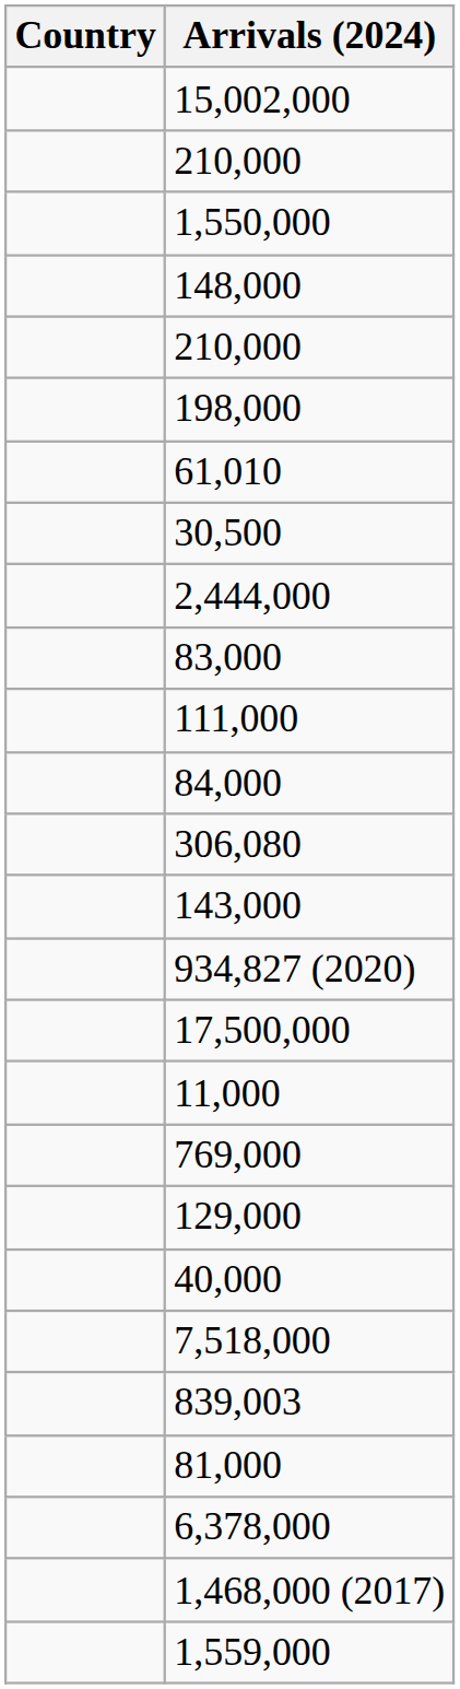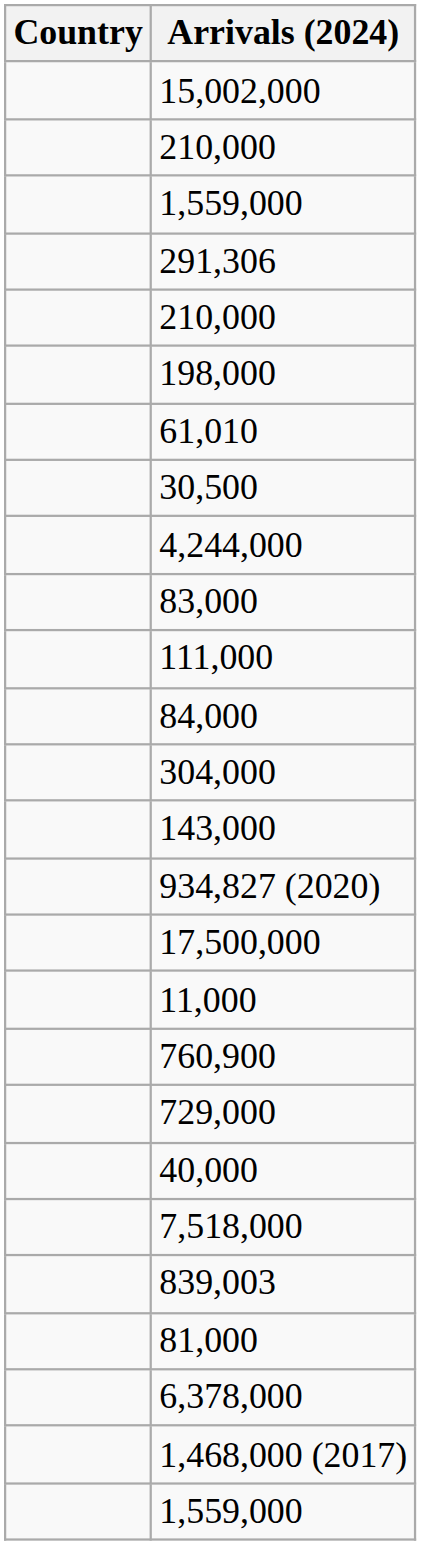 <table class="wikitable sortable">
 <tr>
 <th>Country</th>
 <th>Arrivals (2024)</th>
 </tr>
 <tr>
 <td></td>
 <td>15,002,000</td>
 </tr>
 <tr>
 <td></td>
 <td>210,000</td>
 </tr>
 <tr>
 <td></td>
-<td>1,550,000</td>
+<td>1,559,000</td>
 </tr>
 <tr>
 <td></td>
-<td>148,000</td>
+<td>291,306</td>
 </tr>
 <tr>
 <td></td>
 <td>210,000</td>
 </tr>
 <tr>
 <td></td>
 <td>198,000</td>
 </tr>
 <tr>
 <td></td>
 <td>61,010</td>
 </tr>
 <tr>
 <td></td>
 <td>30,500</td>
 </tr>
 <tr>
 <td></td>
-<td>2,444,000</td>
+<td>4,244,000</td>
 </tr>
 <tr>
 <td></td>
 <td>83,000</td>
 </tr>
 <tr>
 <td></td>
 <td>111,000</td>
 </tr>
 <tr>
 <td></td>
 <td>84,000</td>
 </tr>
 <tr>
 <td></td>
-<td>306,080</td>
+<td>304,000</td>
 </tr>
 <tr>
 <td></td>
 <td>143,000</td>
 </tr>
 <tr>
 <td></td>
 <td>934,827 (2020)</td>
 </tr>
 <tr>
 <td></td>
 <td>17,500,000</td>
 </tr>
 <tr>
 <td></td>
 <td>11,000</td>
 </tr>
 <tr>
 <td></td>
-<td>769,000</td>
+<td>760,900</td>
 </tr>
 <tr>
 <td></td>
-<td>129,000</td>
+<td>729,000</td>
 </tr>
 <tr>
 <td></td>
 <td>40,000</td>
 </tr>
 <tr>
 <td></td>
 <td>7,518,000</td>
 </tr>
 <tr>
 <td></td>
 <td>839,003</td>
 </tr>
 <tr>
 <td></td>
 <td>81,000</td>
 </tr>
 <tr>
 <td></td>
 <td>6,378,000</td>
 </tr>
 <tr>
 <td></td>
 <td>1,468,000 (2017)</td>
 </tr>
 <tr>
 <td></td>
 <td>1,559,000</td>
 </tr>
 </table>
